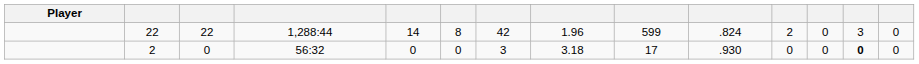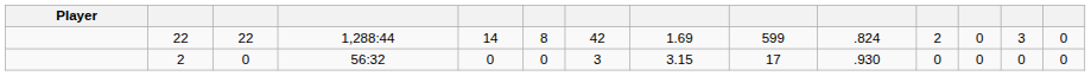 <table class="wikitable sortable" style="width:100%;">
 <tr style="text-align:center; background:#ddd;">
 <th>Player</th>
 <th></th>
 <th></th>
 <th></th>
 <th></th>
 <th></th>
 <th></th>
 <th></th>
 <th></th>
 <th></th>
 <th></th>
 <th></th>
 <th></th>
 <th></th>
 </tr>
 <tr align=center>
 <td></td>
 <td>22</td>
 <td>22</td>
 <td>1,288:44</td>
 <td>14</td>
 <td>8</td>
 <td>42</td>
-<td>1.96</td>
+<td>1.69</td>
 <td>599</td>
 <td>.824</td>
 <td>2</td>
 <td>0</td>
 <td>3</td>
 <td>0</td>
 </tr>
 <tr align=center>
 <td></td>
 <td>2</td>
 <td>0</td>
 <td>56:32</td>
 <td>0</td>
 <td>0</td>
 <td>3</td>
-<td>3.18</td>
+<td>3.15</td>
 <td>17</td>
 <td>.930</td>
 <td>0</td>
 <td>0</td>
-<td><strong>0</strong></td>
+<td>0</td>
 <td>0</td>
 </tr>
 </table>
